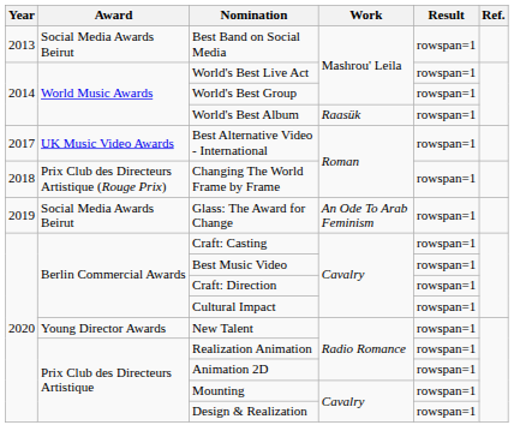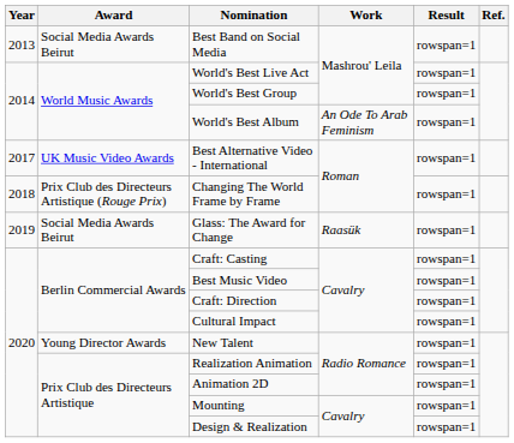 <table class="wikitable">
 <tr>
 <th>Year</th>
 <th>Award</th>
 <th>Nomination</th>
 <th>Work</th>
 <th>Result</th>
 <th>Ref.</th>
 </tr>
 <tr>
 <td>2013</td>
 <td>Social Media Awards Beirut</td>
 <td>Best Band on Social Media</td>
 <td rowspan="3">Mashrou' Leila</td>
 <td>rowspan=1 </td>
 <td></td>
 </tr>
 <tr>
 <td rowspan="3">2014</td>
 <td rowspan="3"><a href='#'>World Music Awards</a></td>
 <td>World's Best Live Act</td>
 <td>rowspan=1 </td>
 <td rowspan="3"></td>
 </tr>
 <tr>
 <td>World's Best Group</td>
 <td>rowspan=1 </td>
 </tr>
 <tr>
 <td>World's Best Album</td>
-<td><em>Raasük</em></td>
+<td><em>An Ode To Arab Feminism</em></td>
 <td>rowspan=1 </td>
 </tr>
 <tr>
 <td>2017</td>
 <td><a href='#'>UK Music Video Awards</a></td>
 <td>Best Alternative Video - International</td>
 <td rowspan="2"><em>Roman</em></td>
 <td>rowspan=1 </td>
 <td></td>
 </tr>
 <tr>
 <td>2018</td>
 <td>Prix Club des Directeurs Artistique (<em>Rouge Prix</em>)</td>
 <td>Changing The World Frame by Frame</td>
 <td>rowspan=1 </td>
 <td></td>
 </tr>
 <tr>
 <td>2019</td>
 <td>Social Media Awards Beirut</td>
 <td>Glass: The Award for Change</td>
-<td><em>An Ode To Arab Feminism</em></td>
+<td><em>Raasük</em></td>
 <td>rowspan=1 </td>
 <td></td>
 </tr>
 <tr>
 <td rowspan="9">2020</td>
 <td rowspan="4">Berlin Commercial Awards</td>
 <td>Craft: Casting</td>
 <td rowspan="4"><em>Cavalry</em></td>
 <td>rowspan=1 </td>
 <td rowspan="4"></td>
 </tr>
 <tr>
 <td>Best Music Video</td>
 <td>rowspan=1 </td>
 </tr>
 <tr>
 <td>Craft: Direction</td>
 <td>rowspan=1 </td>
 </tr>
 <tr>
 <td>Cultural Impact</td>
 <td>rowspan=1 </td>
 </tr>
 <tr>
 <td>Young Director Awards</td>
 <td>New Talent</td>
 <td rowspan="3"><em>Radio Romance</em></td>
 <td>rowspan=1 </td>
 <td rowspan="5"></td>
 </tr>
 <tr>
 <td rowspan="4">Prix Club des Directeurs Artistique</td>
 <td>Realization Animation</td>
 <td>rowspan=1 </td>
 </tr>
 <tr>
 <td>Animation 2D</td>
 <td>rowspan=1 </td>
 </tr>
 <tr>
 <td>Mounting</td>
 <td rowspan="2"><em>Cavalry</em></td>
 <td>rowspan=1 </td>
 </tr>
 <tr>
 <td>Design & Realization</td>
 <td>rowspan=1 </td>
 </tr>
 </table>
